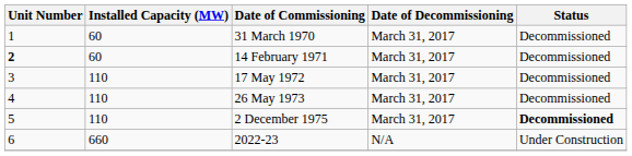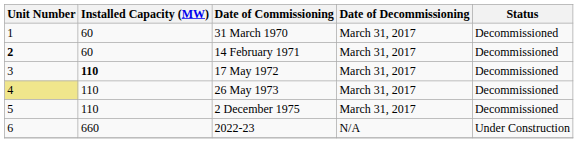 <table class="sortable wikitable">
 <tr>
 <th>Unit Number</th>
 <th>Installed Capacity (<a href='#'>MW</a>)</th>
 <th>Date of Commissioning</th>
 <th>Date of Decommissioning</th>
 <th>Status</th>
 </tr>
 <tr>
 <td>1</td>
 <td>60</td>
 <td>31 March 1970</td>
 <td>March 31, 2017</td>
 <td>Decommissioned</td>
 </tr>
 <tr>
 <td><strong>2</strong></td>
 <td>60</td>
 <td>14 February 1971</td>
 <td>March 31, 2017</td>
 <td>Decommissioned</td>
 </tr>
 <tr>
 <td>3</td>
-<td>110</td>
+<td><strong>110</strong></td>
 <td>17 May 1972</td>
 <td>March 31, 2017</td>
 <td>Decommissioned</td>
 </tr>
 <tr>
-<td>4</td>
+<td style="background: khaki;">4</td>
 <td>110</td>
 <td>26 May 1973</td>
 <td>March 31, 2017</td>
 <td>Decommissioned</td>
 </tr>
 <tr>
 <td>5</td>
 <td>110</td>
 <td>2 December 1975</td>
 <td>March 31, 2017</td>
-<td><strong>Decommissioned</strong></td>
+<td>Decommissioned</td>
 </tr>
 <tr>
 <td>6</td>
 <td>660</td>
 <td>2022-23</td>
 <td>N/A</td>
 <td>Under Construction</td>
 </tr>
 <tr>
 </tr>
 </table>
